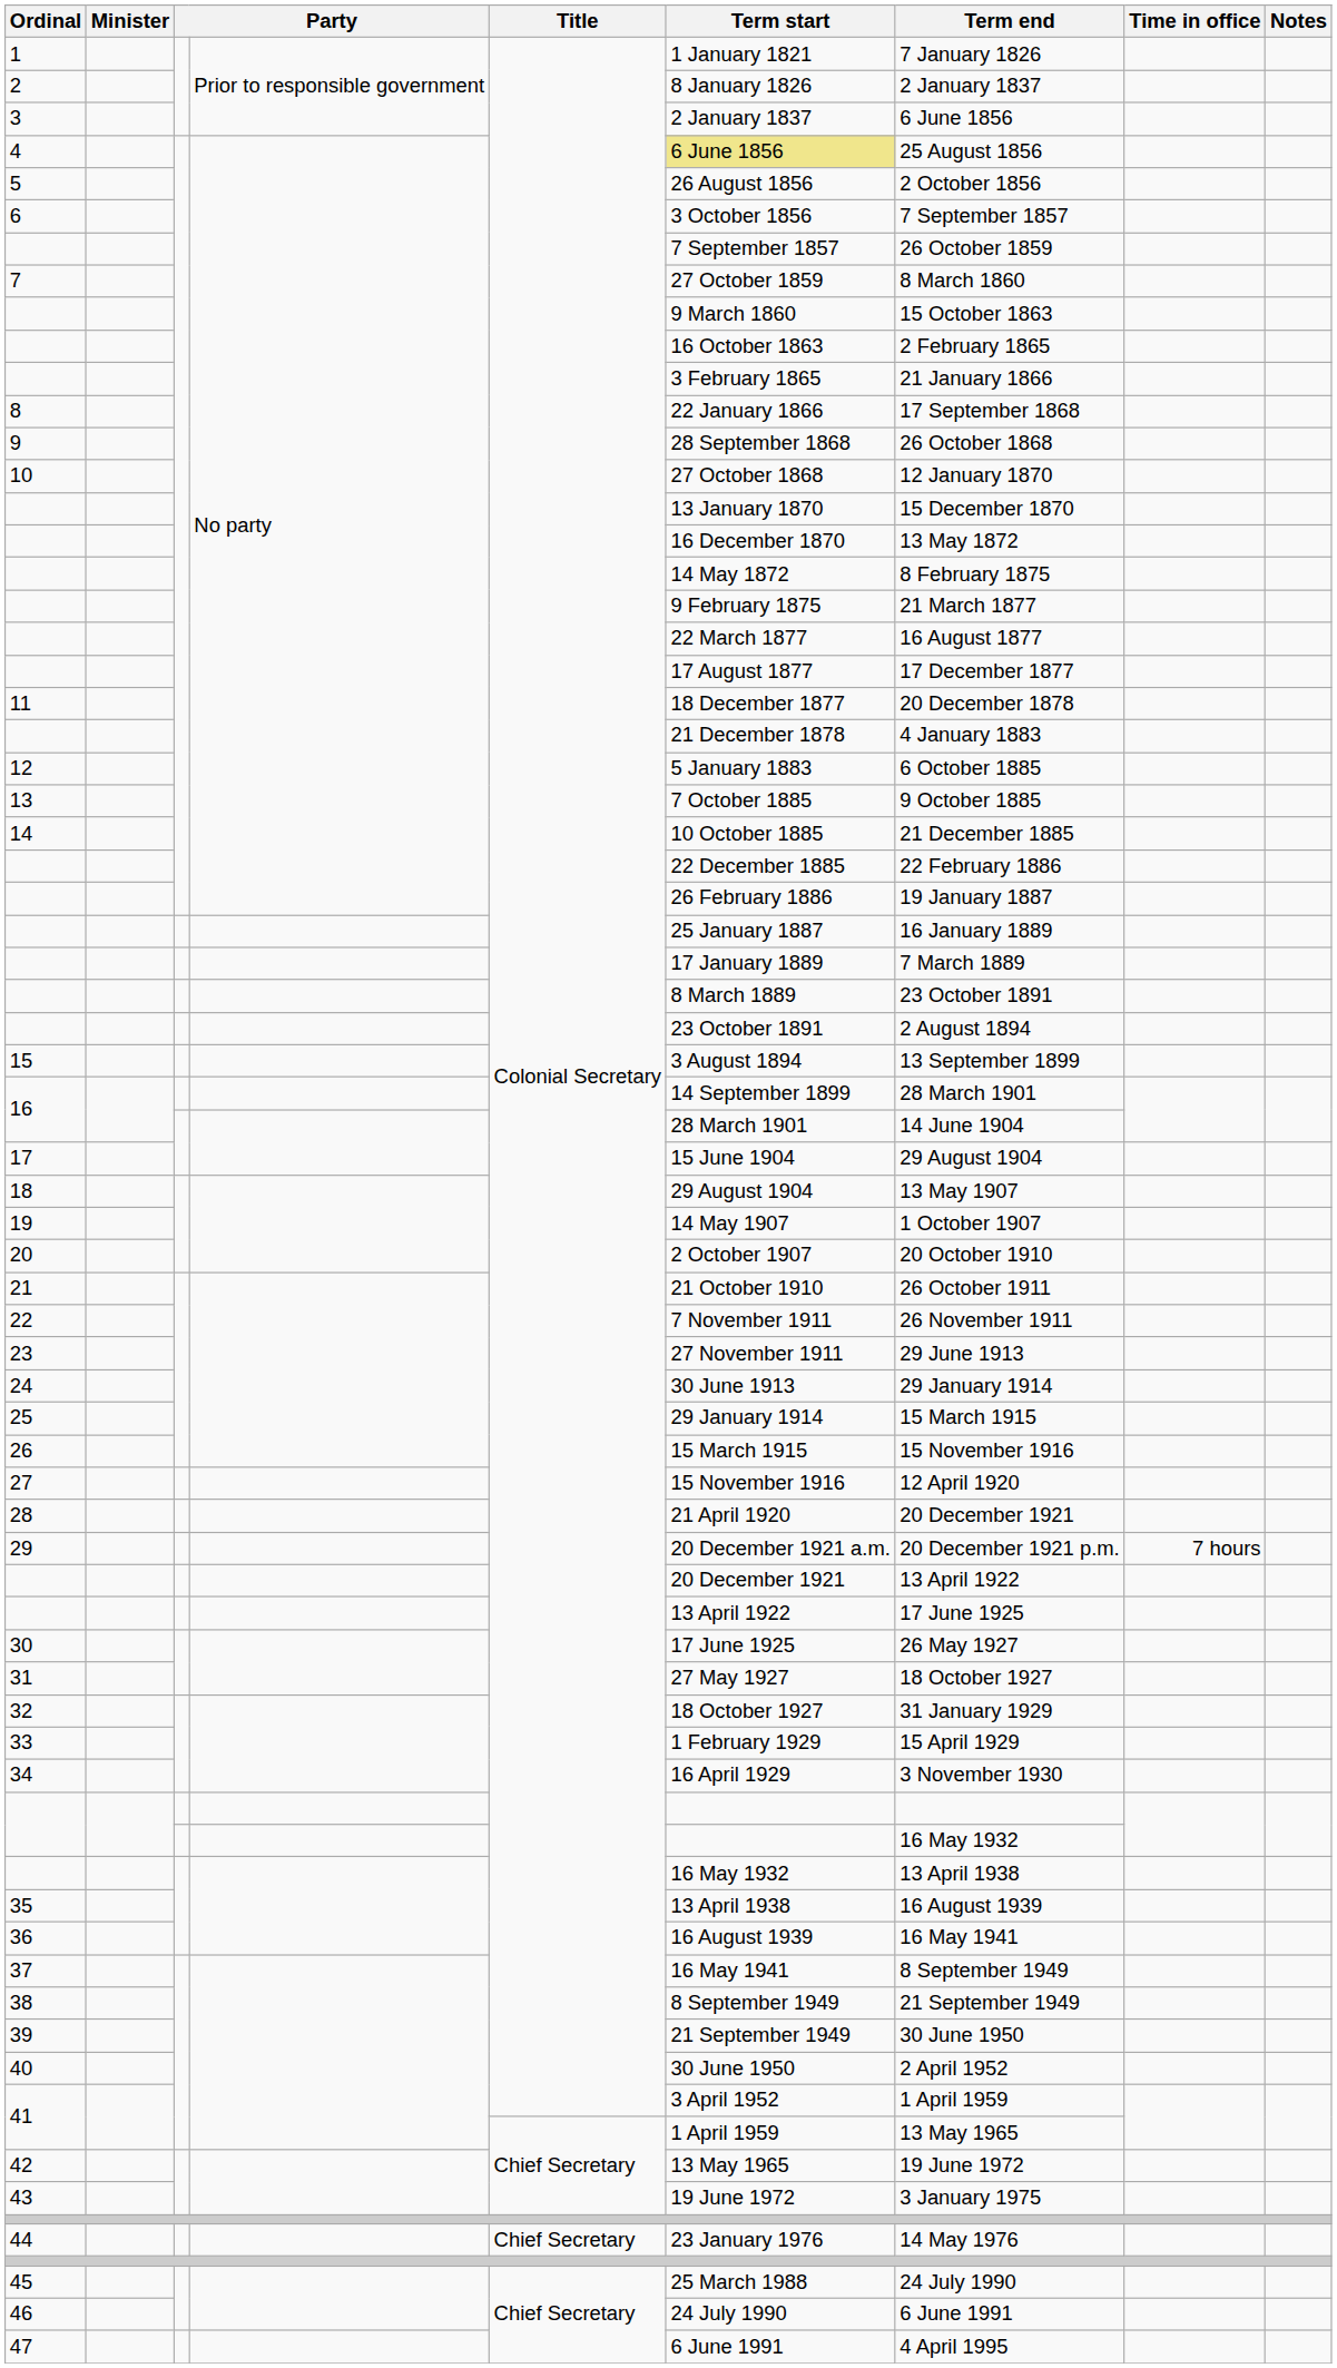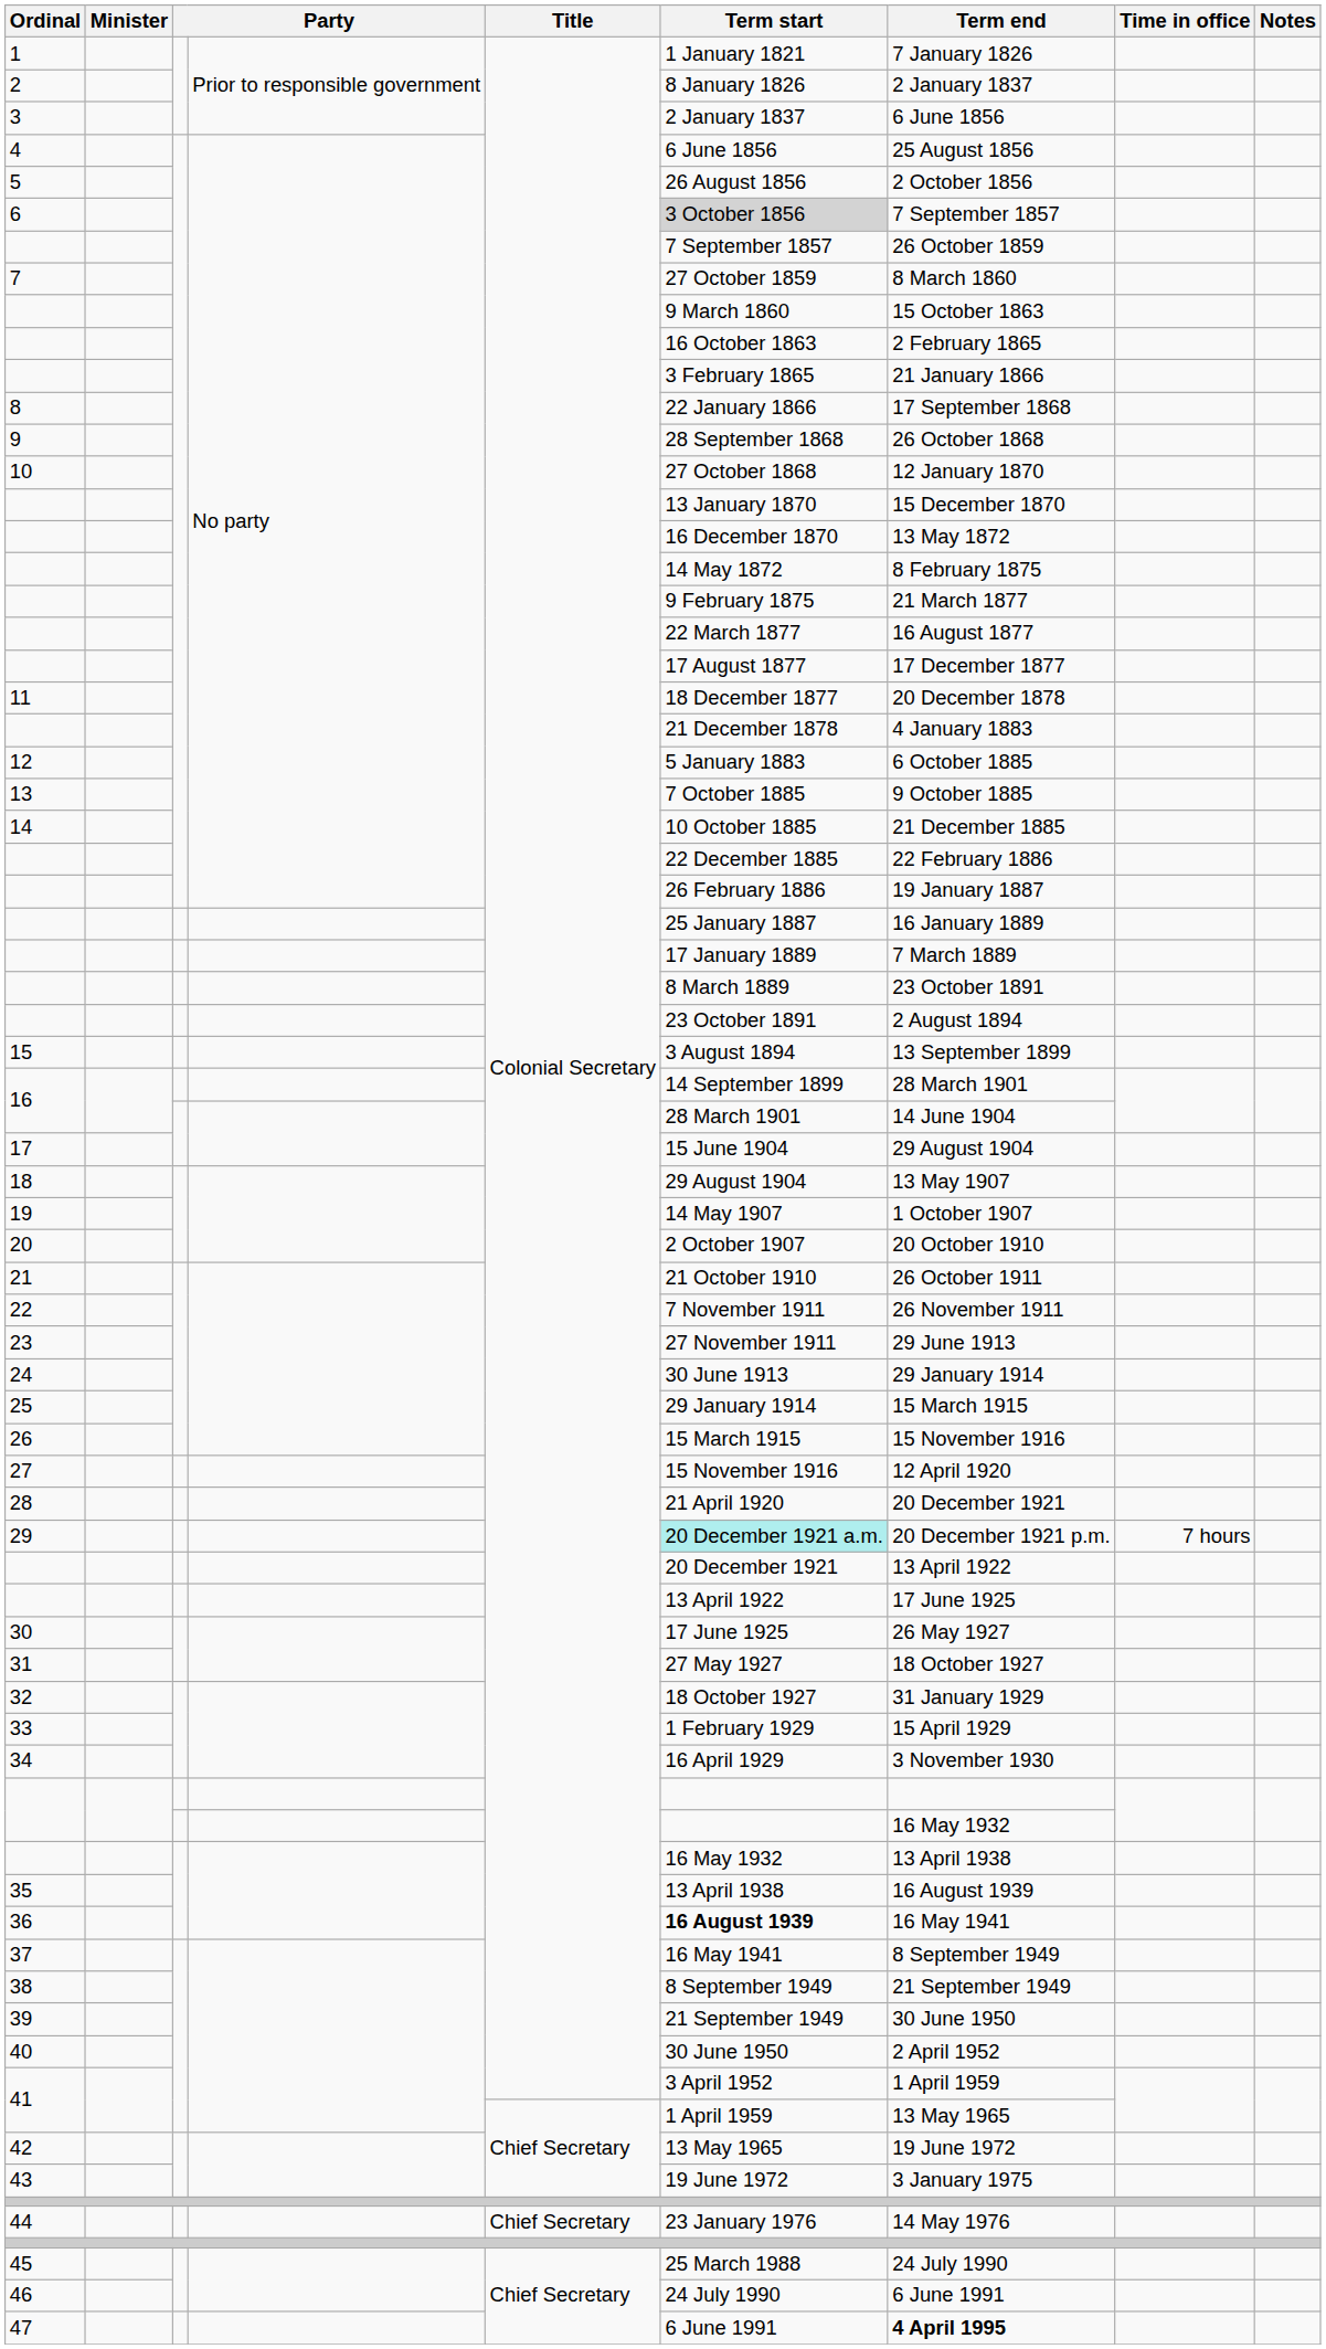 <table class="wikitable sortable">
 <tr>
 <th>Ordinal</th>
 <th>Minister</th>
 <th colspan="2">Party</th>
 <th>Title</th>
 <th>Term start</th>
 <th>Term end</th>
 <th>Time in office</th>
 <th class="unsortable">Notes</th>
 </tr>
 <tr>
 <td>1</td>
 <td></td>
 <td rowspan="3"></td>
 <td rowspan="3">Prior to responsible government</td>
 <td rowspan="64">Colonial Secretary</td>
 <td>1 January 1821</td>
 <td>7 January 1826</td>
 <td align=right></td>
 <td></td>
 </tr>
 <tr>
 <td>2</td>
 <td></td>
 <td>8 January 1826</td>
 <td>2 January 1837</td>
 <td align=right></td>
 <td></td>
 </tr>
 <tr>
 <td>3</td>
 <td></td>
 <td>2 January 1837</td>
 <td>6 June 1856</td>
 <td align=right></td>
 <td></td>
 </tr>
 <tr>
 <td>4</td>
 <td></td>
 <td rowspan="24"></td>
 <td rowspan="24">No party</td>
-<td style="background: khaki;">6 June 1856</td>
+<td>6 June 1856</td>
 <td>25 August 1856</td>
 <td align=right></td>
 <td></td>
 </tr>
 <tr>
 <td>5</td>
 <td></td>
 <td>26 August 1856</td>
 <td>2 October 1856</td>
 <td align=right></td>
 <td></td>
 </tr>
 <tr>
 <td>6</td>
 <td></td>
-<td>3 October 1856</td>
+<td style="background: lightgrey;">3 October 1856</td>
 <td>7 September 1857</td>
 <td align=right></td>
 <td></td>
 </tr>
 <tr>
 <td></td>
 <td></td>
 <td>7 September 1857</td>
 <td>26 October 1859</td>
 <td align=right></td>
 <td></td>
 </tr>
 <tr>
 <td>7</td>
 <td></td>
 <td>27 October 1859</td>
 <td>8 March 1860</td>
 <td align=right></td>
 <td></td>
 </tr>
 <tr>
 <td></td>
 <td></td>
 <td>9 March 1860</td>
 <td>15 October 1863</td>
 <td align=right></td>
 <td></td>
 </tr>
 <tr>
 <td></td>
 <td></td>
 <td>16 October 1863</td>
 <td>2 February 1865</td>
 <td align=right></td>
 <td></td>
 </tr>
 <tr>
 <td></td>
 <td></td>
 <td>3 February 1865</td>
 <td>21 January 1866</td>
 <td align=right></td>
 <td></td>
 </tr>
 <tr>
 <td>8</td>
 <td></td>
 <td>22 January 1866</td>
 <td>17 September 1868</td>
 <td align=right></td>
 <td></td>
 </tr>
 <tr>
 <td>9</td>
 <td></td>
 <td>28 September 1868</td>
 <td>26 October 1868</td>
 <td align=right></td>
 <td></td>
 </tr>
 <tr>
 <td>10</td>
 <td></td>
 <td>27 October 1868</td>
 <td>12 January 1870</td>
 <td align=right></td>
 <td></td>
 </tr>
 <tr>
 <td></td>
 <td></td>
 <td>13 January 1870</td>
 <td>15 December 1870</td>
 <td align=right></td>
 <td></td>
 </tr>
 <tr>
 <td></td>
 <td></td>
 <td>16 December 1870</td>
 <td>13 May 1872</td>
 <td align=right></td>
 <td></td>
 </tr>
 <tr>
 <td></td>
 <td></td>
 <td>14 May 1872</td>
 <td>8 February 1875</td>
 <td align=right></td>
 <td></td>
 </tr>
 <tr>
 <td></td>
 <td></td>
 <td>9 February 1875</td>
 <td>21 March 1877</td>
 <td align=right></td>
 <td></td>
 </tr>
 <tr>
 <td></td>
 <td></td>
 <td>22 March 1877</td>
 <td>16 August 1877</td>
 <td align=right></td>
 <td></td>
 </tr>
 <tr>
 <td></td>
 <td></td>
 <td>17 August 1877</td>
 <td>17 December 1877</td>
 <td align=right></td>
 <td></td>
 </tr>
 <tr>
 <td>11</td>
 <td></td>
 <td>18 December 1877</td>
 <td>20 December 1878</td>
 <td align=right></td>
 <td></td>
 </tr>
 <tr>
 <td></td>
 <td></td>
 <td>21 December 1878</td>
 <td>4 January 1883</td>
 <td align=right></td>
 <td></td>
 </tr>
 <tr>
 <td>12</td>
 <td></td>
 <td>5 January 1883</td>
 <td>6 October 1885</td>
 <td align=right></td>
 <td></td>
 </tr>
 <tr>
 <td>13</td>
 <td></td>
 <td>7 October 1885</td>
 <td>9 October 1885</td>
 <td align=right></td>
 <td></td>
 </tr>
 <tr>
 <td>14</td>
 <td></td>
 <td>10 October 1885</td>
 <td>21 December 1885</td>
 <td align=right></td>
 <td></td>
 </tr>
 <tr>
 <td></td>
 <td></td>
 <td>22 December 1885</td>
 <td>22 February 1886</td>
 <td align=right></td>
 <td></td>
 </tr>
 <tr>
 <td></td>
 <td></td>
 <td>26 February 1886</td>
 <td>19 January 1887</td>
 <td align=right></td>
 <td></td>
 </tr>
 <tr>
 <td></td>
 <td></td>
 <td> </td>
 <td></td>
 <td>25 January 1887</td>
 <td>16 January 1889</td>
 <td align=right></td>
 <td></td>
 </tr>
 <tr>
 <td></td>
 <td></td>
 <td> </td>
 <td></td>
 <td>17 January 1889</td>
 <td>7 March 1889</td>
 <td align=right></td>
 <td></td>
 </tr>
 <tr>
 <td></td>
 <td></td>
 <td> </td>
 <td></td>
 <td>8 March 1889</td>
 <td>23 October 1891</td>
 <td align=right></td>
 <td></td>
 </tr>
 <tr>
 <td></td>
 <td></td>
 <td> </td>
 <td></td>
 <td>23 October 1891</td>
 <td>2 August 1894</td>
 <td align=right></td>
 <td></td>
 </tr>
 <tr>
 <td>15</td>
 <td></td>
 <td> </td>
 <td></td>
 <td>3 August 1894</td>
 <td>13 September 1899</td>
 <td align=right></td>
 <td></td>
 </tr>
 <tr>
 <td rowspan="2">16</td>
 <td rowspan="2"></td>
 <td> </td>
 <td></td>
 <td>14 September 1899</td>
 <td>28 March 1901</td>
 <td rowspan="2"align=right></td>
 <td rowspan="2"></td>
 </tr>
 <tr>
 <td rowspan="2" > </td>
 <td rowspan="2"></td>
 <td>28 March 1901</td>
 <td>14 June 1904</td>
 </tr>
 <tr>
 <td>17</td>
 <td></td>
 <td>15 June 1904</td>
 <td>29 August 1904</td>
 <td align=right></td>
 <td></td>
 </tr>
 <tr>
 <td>18</td>
 <td></td>
 <td rowspan="3" > </td>
 <td rowspan="3"></td>
 <td>29 August 1904</td>
 <td>13 May 1907</td>
 <td align=right></td>
 <td></td>
 </tr>
 <tr>
 <td>19</td>
 <td></td>
 <td>14 May 1907</td>
 <td>1 October 1907</td>
 <td align=right></td>
 <td></td>
 </tr>
 <tr>
 <td>20</td>
 <td></td>
 <td>2 October 1907</td>
 <td>20 October 1910</td>
 <td align=right></td>
 <td></td>
 </tr>
 <tr>
 <td>21</td>
 <td></td>
 <td rowspan="6" > </td>
 <td rowspan="6"></td>
 <td>21 October 1910</td>
 <td>26 October 1911</td>
 <td align=right></td>
 <td></td>
 </tr>
 <tr>
 <td>22</td>
 <td></td>
 <td>7 November 1911</td>
 <td>26 November 1911</td>
 <td align=right></td>
 <td></td>
 </tr>
 <tr>
 <td>23</td>
 <td></td>
 <td>27 November 1911</td>
 <td>29 June 1913</td>
 <td align=right></td>
 <td></td>
 </tr>
 <tr>
 <td>24</td>
 <td></td>
 <td>30 June 1913</td>
 <td>29 January 1914</td>
 <td align=right></td>
 <td></td>
 </tr>
 <tr>
 <td>25</td>
 <td></td>
 <td>29 January 1914</td>
 <td>15 March 1915</td>
 <td align=right></td>
 <td></td>
 </tr>
 <tr>
 <td>26</td>
 <td></td>
 <td>15 March 1915</td>
 <td>15 November 1916</td>
 <td align=right></td>
 <td></td>
 </tr>
 <tr>
 <td>27</td>
 <td></td>
 <td> </td>
 <td></td>
 <td>15 November 1916</td>
 <td>12 April 1920</td>
 <td align=right></td>
 <td></td>
 </tr>
 <tr>
 <td>28</td>
 <td></td>
 <td> </td>
 <td></td>
 <td>21 April 1920</td>
 <td>20 December 1921</td>
 <td align=right></td>
 <td></td>
 </tr>
 <tr>
 <td>29</td>
 <td></td>
 <td> </td>
 <td></td>
-<td align=center data-sort-value="20 December 1921">20 December 1921 a.m.</td>
+<td align=center data-sort-value="20 December 1921" style="background: paleturquoise;">20 December 1921 a.m.</td>
 <td align=center data-sort-value="20 December 1921">20 December 1921 p.m.</td>
 <td align=right> 7 hours</td>
 <td></td>
 </tr>
 <tr>
 <td></td>
 <td></td>
 <td> </td>
 <td></td>
 <td>20 December 1921</td>
 <td>13 April 1922</td>
 <td align=right></td>
 <td></td>
 </tr>
 <tr>
 <td></td>
 <td></td>
 <td> </td>
 <td></td>
 <td>13 April 1922</td>
 <td>17 June 1925</td>
 <td align=right></td>
 <td></td>
 </tr>
 <tr>
 <td>30</td>
 <td></td>
 <td rowspan="2" > </td>
 <td rowspan="2"></td>
 <td>17 June 1925</td>
 <td>26 May 1927</td>
 <td align=right></td>
 <td></td>
 </tr>
 <tr>
 <td>31</td>
 <td></td>
 <td>27 May 1927</td>
 <td>18 October 1927</td>
 <td align=right></td>
 <td></td>
 </tr>
 <tr>
 <td>32</td>
 <td></td>
 <td rowspan="3" > </td>
 <td rowspan="3"></td>
 <td>18 October 1927</td>
 <td>31 January 1929</td>
 <td align=right></td>
 <td></td>
 </tr>
 <tr>
 <td>33</td>
 <td></td>
 <td>1 February 1929</td>
 <td>15 April 1929</td>
 <td align=right></td>
 <td></td>
 </tr>
 <tr>
 <td>34</td>
 <td></td>
 <td>16 April 1929</td>
 <td>3 November 1930</td>
 <td align=right></td>
 <td></td>
 </tr>
 <tr>
 <td rowspan="2"></td>
 <td rowspan="2"></td>
 <td> </td>
 <td></td>
 <td></td>
 <td></td>
 <td rowspan="2" align=right></td>
 <td rowspan="2"></td>
 </tr>
 <tr>
 <td> </td>
 <td></td>
 <td></td>
 <td>16 May 1932</td>
 </tr>
 <tr>
 <td></td>
 <td></td>
 <td rowspan="3" > </td>
 <td rowspan="3"></td>
 <td>16 May 1932</td>
 <td>13 April 1938</td>
 <td align=right></td>
 <td></td>
 </tr>
 <tr>
 <td>35</td>
 <td></td>
 <td>13 April 1938</td>
 <td>16 August 1939</td>
 <td align=right></td>
 <td></td>
 </tr>
 <tr>
 <td>36</td>
 <td></td>
-<td>16 August 1939</td>
+<td><strong>16 August 1939</strong></td>
 <td>16 May 1941</td>
 <td align=right></td>
 <td></td>
 </tr>
 <tr>
 <td>37</td>
 <td></td>
 <td rowspan="6" > </td>
 <td rowspan="6"></td>
 <td>16 May 1941</td>
 <td>8 September 1949</td>
 <td align=right></td>
 <td></td>
 </tr>
 <tr>
 <td>38</td>
 <td></td>
 <td>8 September 1949</td>
 <td>21 September 1949</td>
 <td align=right></td>
 <td></td>
 </tr>
 <tr>
 <td>39</td>
 <td></td>
 <td>21 September 1949</td>
 <td>30 June 1950</td>
 <td align=right></td>
 <td></td>
 </tr>
 <tr>
 <td>40</td>
 <td></td>
 <td>30 June 1950</td>
 <td>2 April 1952</td>
 <td align=right></td>
 <td></td>
 </tr>
 <tr>
 <td rowspan="2">41</td>
 <td rowspan="2"></td>
 <td>3 April 1952</td>
 <td>1 April 1959</td>
 <td rowspan="2" align=right></td>
 <td rowspan="2"></td>
 </tr>
 <tr>
 <td rowspan="3">Chief Secretary</td>
 <td>1 April 1959</td>
 <td>13 May 1965</td>
 </tr>
 <tr>
 <td>42</td>
 <td></td>
 <td rowspan="2" > </td>
 <td rowspan="2"></td>
 <td>13 May 1965</td>
 <td>19 June 1972</td>
 <td align=right></td>
 <td></td>
 </tr>
 <tr>
 <td>43</td>
 <td></td>
 <td>19 June 1972</td>
 <td>3 January 1975</td>
 <td align=right></td>
 <td></td>
 </tr>
 <tr class="sortbottom">
 <th colspan="9" style="background: #cccccc;"></th>
 </tr>
 <tr>
 <td>44</td>
 <td></td>
 <td> </td>
 <td></td>
 <td>Chief Secretary</td>
 <td>23 January 1976</td>
 <td>14 May 1976</td>
 <td align=right></td>
 <td></td>
 </tr>
 <tr class="sortbottom">
 <th colspan="9" style="background: #cccccc;"></th>
 </tr>
 <tr>
 <td>45</td>
 <td></td>
 <td rowspan="2" > </td>
 <td rowspan="2"></td>
 <td rowspan="3">Chief Secretary</td>
 <td>25 March 1988</td>
 <td>24 July 1990</td>
 <td align=right></td>
 <td></td>
 </tr>
 <tr>
 <td>46</td>
 <td></td>
 <td>24 July 1990</td>
 <td>6 June 1991</td>
 <td align=right></td>
 <td></td>
 </tr>
 <tr>
 <td>47</td>
 <td></td>
 <td> </td>
 <td></td>
 <td>6 June 1991</td>
-<td>4 April 1995</td>
+<td><strong>4 April 1995</strong></td>
 <td align=right></td>
 <td></td>
 </tr>
 </table>
